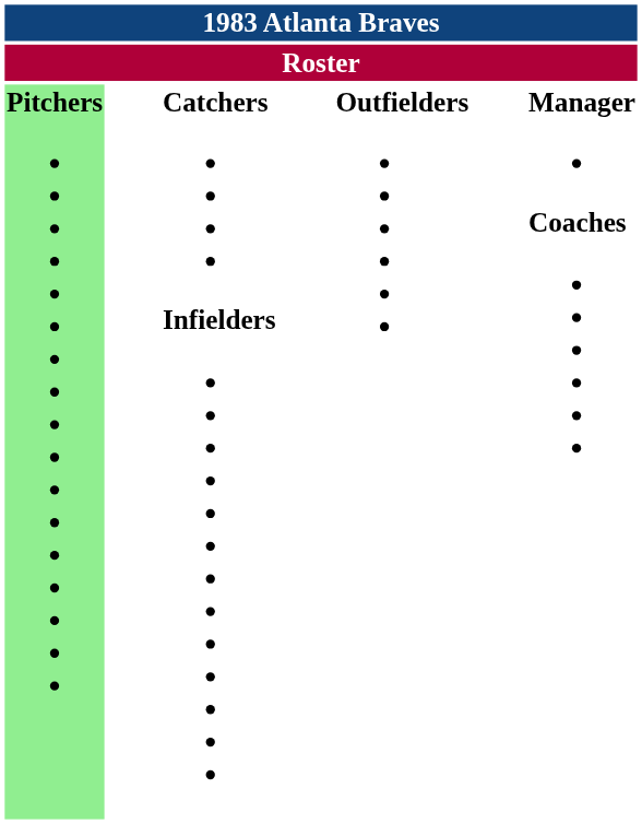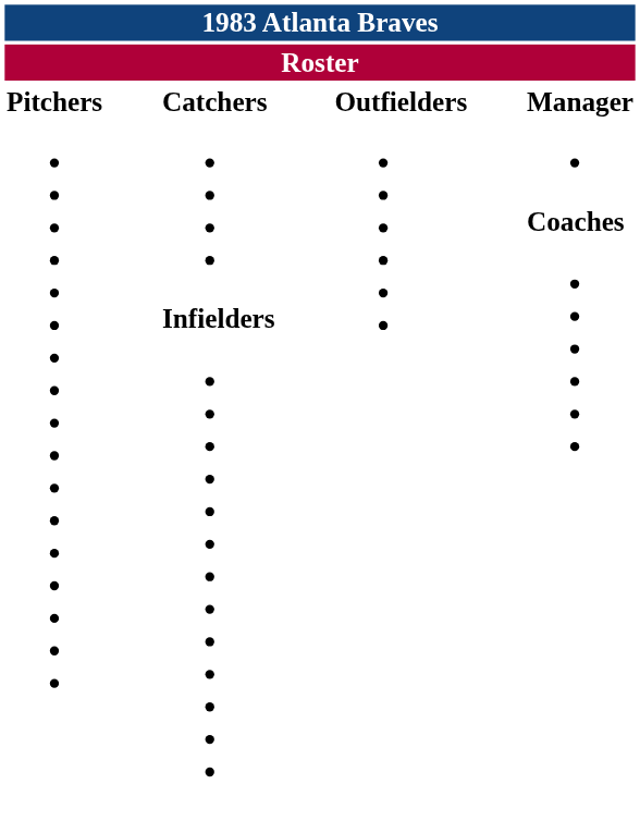 <table class="toccolours" style="font-size: 95%;">
 <tr>
 <th colspan="10" style="background-color: #0f437c; color: #FFFFFF; text-align: center;">1983 Atlanta Braves</th>
 </tr>
 <tr>
 <td colspan="10" style="background-color: #af0039; color: white; text-align: center;"><strong>Roster</strong></td>
 </tr>
 <tr>
-<td valign="top" style="background: lightgreen;"><strong>Pitchers</strong><br><ul><li></li><li></li><li></li><li></li><li></li><li></li><li></li><li></li><li></li><li></li><li></li><li></li><li></li><li></li><li></li><li></li><li></li></ul></td>
+<td valign="top"><strong>Pitchers</strong><br><ul><li></li><li></li><li></li><li></li><li></li><li></li><li></li><li></li><li></li><li></li><li></li><li></li><li></li><li></li><li></li><li></li><li></li></ul></td>
 <td width="25px"></td>
 <td valign="top"><strong>Catchers</strong><br><ul><li></li><li></li><li></li><li></li></ul><strong>Infielders</strong><ul><li></li><li></li><li></li><li></li><li></li><li></li><li></li><li></li><li></li><li></li><li></li><li></li><li></li></ul></td>
 <td width="25px"></td>
 <td valign="top"><strong>Outfielders</strong><br><ul><li></li><li></li><li></li><li></li><li></li><li></li></ul></td>
 <td width="25px"></td>
 <td valign="top"><strong>Manager</strong><br><ul><li></li></ul><strong>Coaches</strong><ul><li></li><li></li><li></li><li></li><li></li><li></li></ul></td>
 </tr>
 </table>
